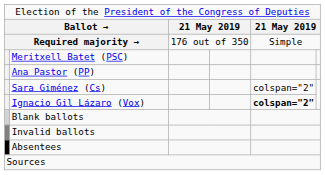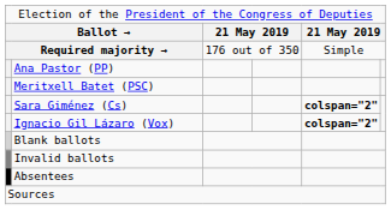 <table class="wikitable" style="text-align:center;">
 <tr>
 <td colspan="6" align="center">Election of the <a href='#'>President of the Congress of Deputies</a></td>
 </tr>
 <tr>
 <th colspan="2" width="225px">Ballot →</th>
 <th colspan="2">21 May 2019</th>
 <th colspan="2">21 May 2019</th>
 </tr>
 <tr>
 <th colspan="2">Required majority →</th>
 <td colspan="2">176 out of 350</td>
 <td colspan="2">Simple</td>
 </tr>
 <tr>
-<th width="1px" style="background:"></th>
-<td align="left"><a href='#'>Meritxell Batet</a> (<a href='#'>PSC</a>)</td>
+<th style="background:"></th>
+<td align="left"><a href='#'>Ana Pastor</a> (<a href='#'>PP</a>)</td>
 <td></td>
 <td></td>
 <td></td>
 <td></td>
 </tr>
 <tr>
-<th style="background:"></th>
-<td align="left"><a href='#'>Ana Pastor</a> (<a href='#'>PP</a>)</td>
+<th width="1px" style="background:"></th>
+<td align="left"><a href='#'>Meritxell Batet</a> (<a href='#'>PSC</a>)</td>
 <td></td>
 <td></td>
 <td></td>
 <td></td>
 </tr>
 <tr>
 <th style="background:"></th>
 <td align="left"><a href='#'>Sara Giménez</a> (<a href='#'>Cs</a>)</td>
 <td></td>
 <td></td>
-<td>colspan="2" </td>
+<td><strong>colspan="2" </strong></td>
 </tr>
 <tr>
 <th style="background:"></th>
 <td align="left"><a href='#'>Ignacio Gil Lázaro</a> (<a href='#'>Vox</a>)</td>
 <td></td>
 <td></td>
 <td><strong>colspan="2" </strong></td>
 </tr>
 <tr>
 <th style="background:lightgray;"></th>
 <td align="left">Blank ballots</td>
 <td colspan="2"></td>
 <td colspan="2"></td>
 </tr>
 <tr>
 <th style="background:gray;"></th>
 <td align="left">Invalid ballots</td>
 <td colspan="2"></td>
 <td colspan="2"></td>
 </tr>
 <tr>
 <th style="background:black;"></th>
 <td align="left">Absentees</td>
 <td colspan="2"></td>
 <td colspan="2"></td>
 </tr>
 <tr>
 <td align="left" colspan="6">Sources</td>
 </tr>
 </table>
